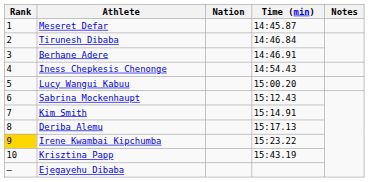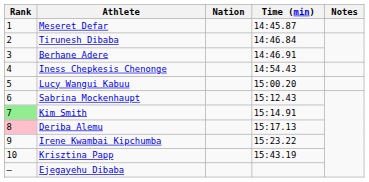 <table class="wikitable" style="text=align:center;" width=85%>
 <tr>
 <th>Rank</th>
 <th>Athlete</th>
 <th>Nation</th>
 <th>Time (<a href='#'>min</a>)</th>
 <th>Notes</th>
 </tr>
 <tr>
 <td>1</td>
 <td><a href='#'>Meseret Defar</a></td>
 <td></td>
 <td>14:45.87</td>
 <td></td>
 </tr>
 <tr>
 <td>2</td>
 <td><a href='#'>Tirunesh Dibaba</a></td>
 <td></td>
 <td>14:46.84</td>
 </tr>
 <tr>
 <td>3</td>
 <td><a href='#'>Berhane Adere</a></td>
 <td></td>
 <td>14:46.91</td>
 </tr>
 <tr>
 <td>4</td>
 <td><a href='#'>Iness Chepkesis Chenonge</a></td>
 <td></td>
 <td>14:54.43</td>
 <td></td>
 </tr>
 <tr>
 <td>5</td>
 <td><a href='#'>Lucy Wangui Kabuu</a></td>
 <td></td>
 <td>15:00.20</td>
 <td></td>
 </tr>
 <tr>
 <td>6</td>
 <td><a href='#'>Sabrina Mockenhaupt</a></td>
 <td></td>
 <td>15:12.43</td>
 </tr>
 <tr>
-<td>7</td>
+<td style="background: lightgreen;">7</td>
 <td><a href='#'>Kim Smith</a></td>
 <td></td>
 <td>15:14.91</td>
 </tr>
 <tr>
-<td>8</td>
+<td style="background: pink;">8</td>
 <td><a href='#'>Deriba Alemu</a></td>
 <td></td>
 <td>15:17.13</td>
 </tr>
 <tr>
-<td style="background: gold;">9</td>
+<td>9</td>
 <td><a href='#'>Irene Kwambai Kipchumba</a></td>
 <td></td>
 <td>15:23.22</td>
 </tr>
 <tr>
 <td>10</td>
 <td><a href='#'>Krisztina Papp</a></td>
 <td></td>
 <td>15:43.19</td>
 </tr>
 <tr>
 <td>—</td>
 <td><a href='#'>Ejegayehu Dibaba</a></td>
 <td></td>
 <td></td>
 </tr>
 </table>
